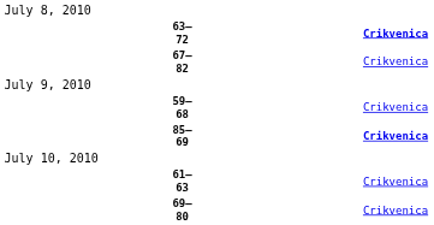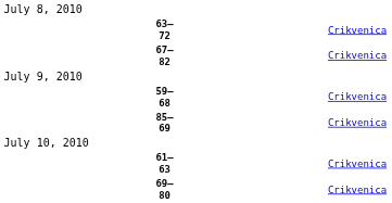 <table style="width:100%;" cellspacing="1">
 <tr>
 <th width=25%></th>
 <th width=3%></th>
 <th width=6%></th>
 <th width=3%></th>
 <th width=25%></th>
 </tr>
 <tr>
 <td>July 8, 2010</td>
 </tr>
 <tr style=font-size:90%>
 <td align=right><strong></strong></td>
 <td></td>
 <td align=center><strong>63–72</strong></td>
 <td></td>
 <td><strong></strong></td>
-<td><strong><a href='#'>Crikvenica</a></strong></td>
+<td><a href='#'>Crikvenica</a></td>
 </tr>
 <tr style=font-size:90%>
 <td align=right><strong></strong></td>
 <td></td>
 <td align=center><strong>67–82</strong></td>
 <td></td>
 <td><strong></strong></td>
 <td><a href='#'>Crikvenica</a></td>
 </tr>
 <tr>
 <td>July 9, 2010</td>
 </tr>
 <tr style=font-size:90%>
 <td align=right><strong></strong></td>
 <td></td>
 <td align=center><strong>59–68</strong></td>
 <td></td>
 <td><strong></strong></td>
 <td><a href='#'>Crikvenica</a></td>
 </tr>
 <tr style=font-size:90%>
 <td align=right><strong></strong></td>
 <td></td>
 <td align=center><strong>85–69</strong></td>
 <td></td>
 <td><strong></strong></td>
-<td><strong><a href='#'>Crikvenica</a></strong></td>
+<td><a href='#'>Crikvenica</a></td>
 </tr>
 <tr>
 <td>July 10, 2010</td>
 </tr>
 <tr style=font-size:90%>
 <td align=right><strong></strong></td>
 <td></td>
 <td align=center><strong>61–63</strong></td>
 <td></td>
 <td><strong></strong></td>
 <td><a href='#'>Crikvenica</a></td>
 </tr>
 <tr style=font-size:90%>
 <td align=right><strong></strong></td>
 <td></td>
 <td align=center><strong>69–80</strong></td>
 <td></td>
 <td><strong></strong></td>
 <td><a href='#'>Crikvenica</a></td>
 </tr>
 </table>
